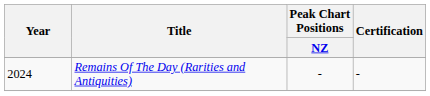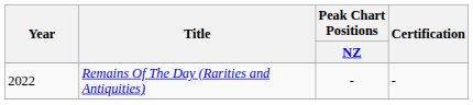 <table class="wikitable">
 <tr>
 <th scope="col" rowspan="2" style="width:5em;">Year</th>
 <th scope="col" rowspan="2" style="width:17em;">Title</th>
 <th>Peak Chart<br>Positions</th>
 <th rowspan="2">Certification</th>
 </tr>
 <tr>
 <th><a href='#'>NZ</a></th>
 </tr>
 <tr>
 </tr>
 <tr>
-<td>2024</td>
+<td>2022</td>
 <td><em><a href='#'>Remains Of The Day (Rarities and Antiquities)</a></em><br></td>
 <td align="center">-</td>
 <td>-</td>
 </tr>
 <tr>
 </tr>
 </table>
